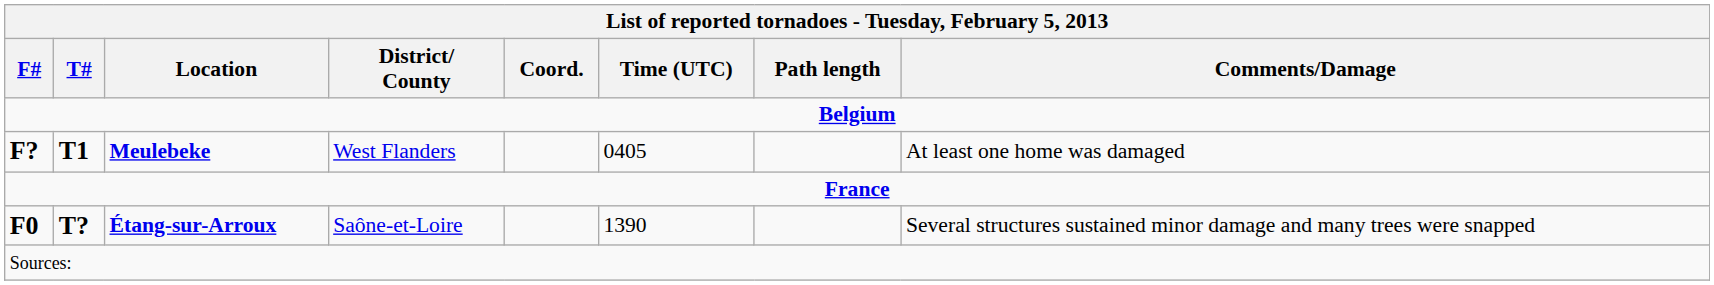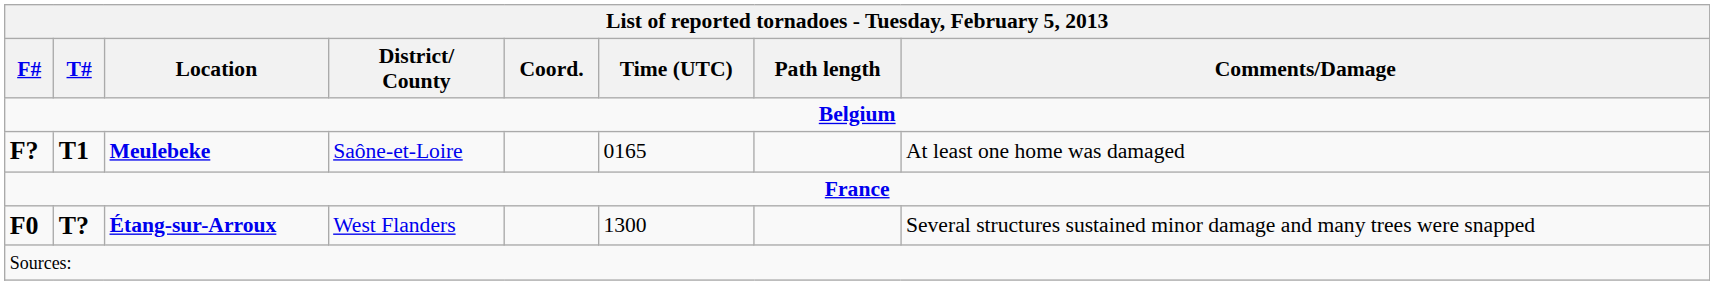 <table class="wikitable collapsible" width="100%">
 <tr>
 <th colspan="8">List of reported tornadoes - Tuesday, February 5, 2013</th>
 </tr>
 <tr>
 <th><a href='#'>F#</a></th>
 <th><a href='#'>T#</a></th>
 <th>Location</th>
 <th>District/<br>County</th>
 <th>Coord.</th>
 <th>Time (UTC)</th>
 <th>Path length</th>
 <th>Comments/Damage</th>
 </tr>
 <tr>
 <td colspan="8" align=center><strong><a href='#'>Belgium</a></strong></td>
 </tr>
 <tr>
 <td><big><strong>F?</strong></big></td>
 <td><big><strong>T1</strong></big></td>
 <td><strong><a href='#'>Meulebeke</a></strong></td>
-<td><a href='#'>West Flanders</a></td>
+<td><a href='#'>Saône-et-Loire</a></td>
 <td></td>
-<td>0405</td>
+<td>0165</td>
 <td></td>
 <td>At least one home was damaged</td>
 </tr>
 <tr>
 <td colspan="8" align=center><strong><a href='#'>France</a></strong></td>
 </tr>
 <tr>
 <td><big><strong>F0</strong></big></td>
 <td><big><strong>T?</strong></big></td>
 <td><strong><a href='#'>Étang-sur-Arroux</a></strong></td>
-<td><a href='#'>Saône-et-Loire</a></td>
+<td><a href='#'>West Flanders</a></td>
 <td></td>
-<td>1390</td>
+<td>1300</td>
 <td></td>
 <td>Several structures sustained minor damage and many trees were snapped</td>
 </tr>
 <tr>
 <td colspan="8"><small>Sources:  </small></td>
 </tr>
 </table>
